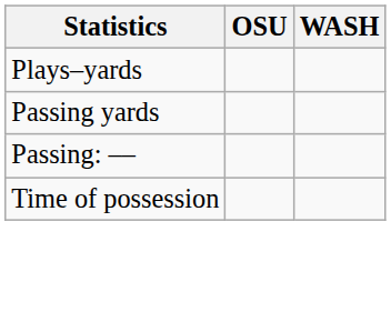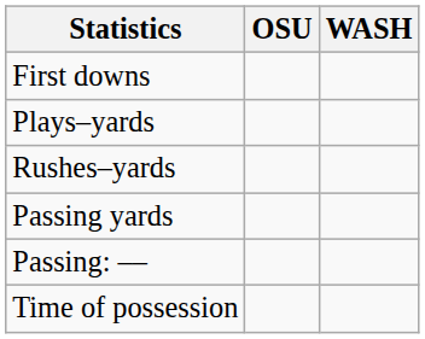 <table class="wikitable" style="float:left">
 <tr>
 <th>Statistics</th>
 <th>OSU</th>
 <th>WASH</th>
 </tr>
 <tr>
+<td>First downs</td>
+<td></td>
+<td></td>
+</tr>
+<tr>
 <td>Plays–yards</td>
+<td></td>
+<td></td>
+</tr>
+<tr>
+<td>Rushes–yards</td>
 <td></td>
 <td></td>
 </tr>
 <tr>
 <td>Passing yards</td>
 <td></td>
 <td></td>
 </tr>
 <tr>
 <td>Passing: ––</td>
 <td></td>
 <td></td>
 </tr>
 <tr>
 <td>Time of possession</td>
 <td></td>
 <td></td>
 </tr>
 </table>
